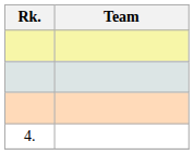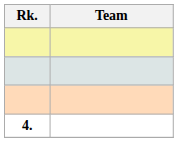 <table class="wikitable" style="border:1px solid #AAAAAA;font-size:90%">
 <tr bgcolor="#E4E4E4">
 <th style="border-bottom:1px solid #AAAAAA" width=40>Rk.</th>
 <th style="border-bottom:1px solid #AAAAAA" width=120>Team</th>
 </tr>
 <tr bgcolor="#F7F6A8">
 <td align="center" style="height:23px"></td>
 <td><strong></strong></td>
 </tr>
 <tr bgcolor="#DCE5E5">
 <td align="center" style="height:23px"></td>
 <td></td>
 </tr>
 <tr bgcolor="#FFDAB9">
 <td align="center" style="height:23px"></td>
 <td></td>
 </tr>
 <tr style="background:#ffffff;">
-<td align="center">4.</td>
+<td align="center"><strong>4.</strong></td>
 <td></td>
 </tr>
 <tr style="background:#ffffff;">
 </tr>
 </table>
